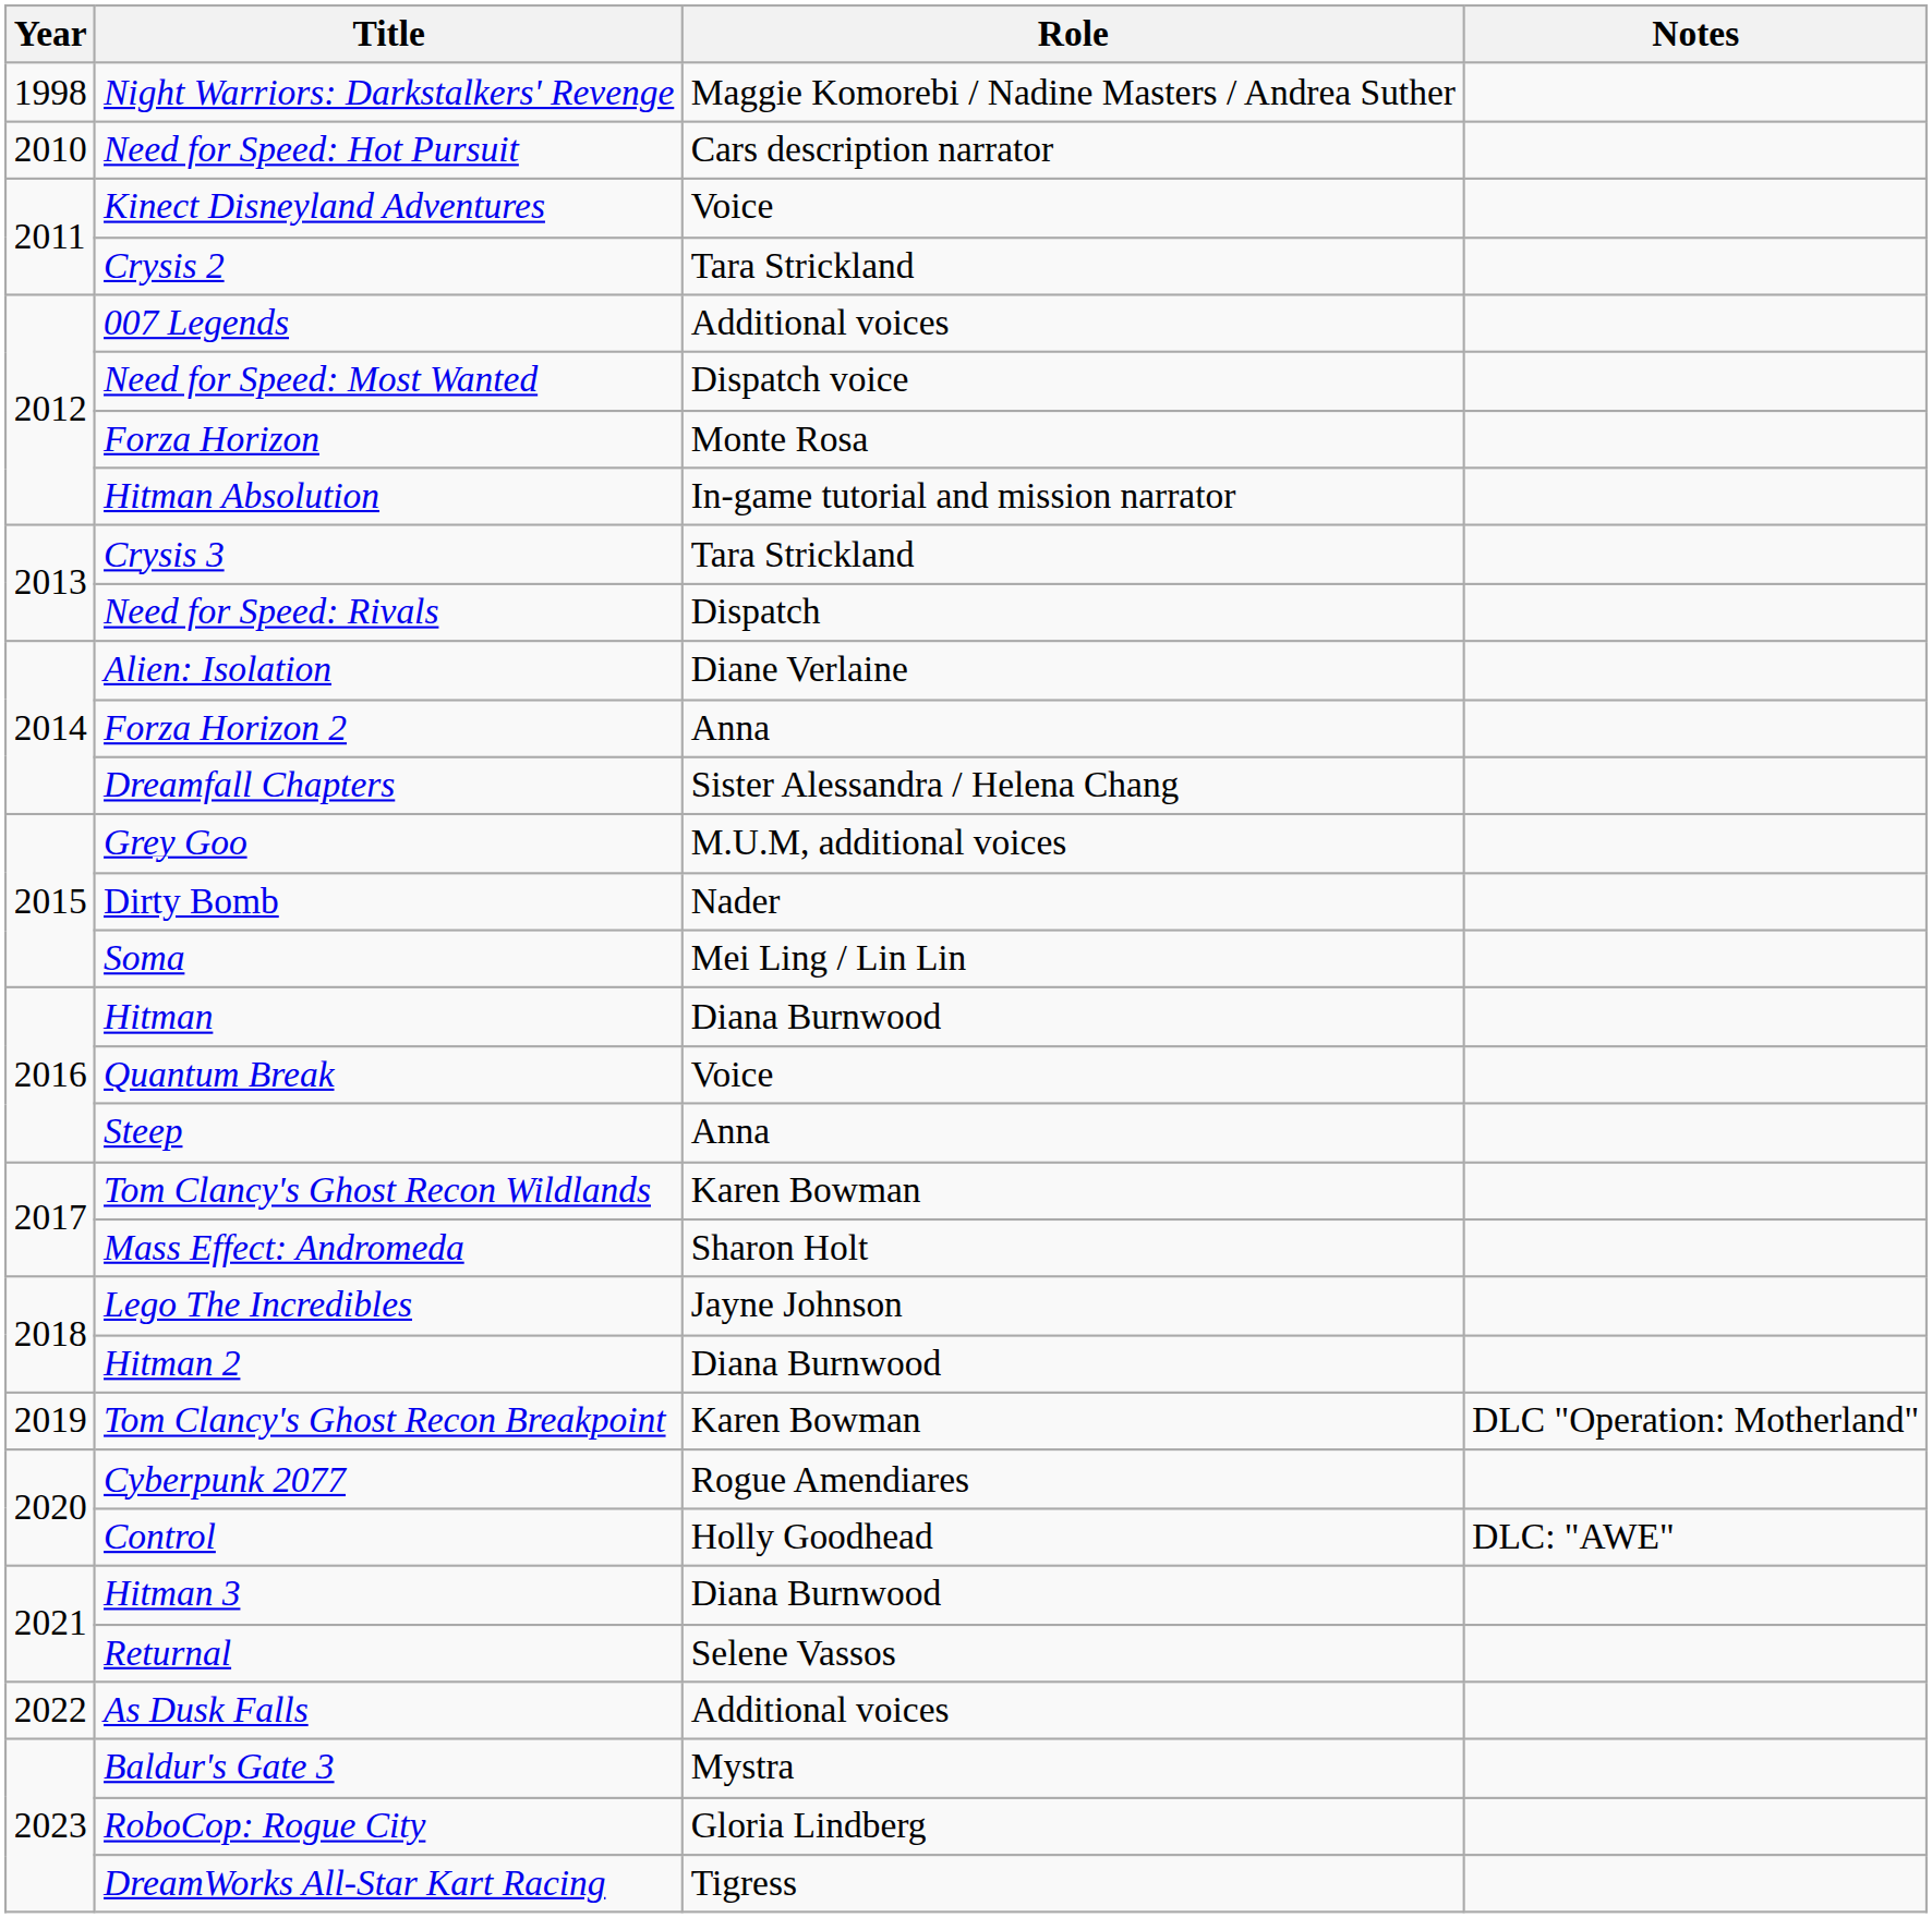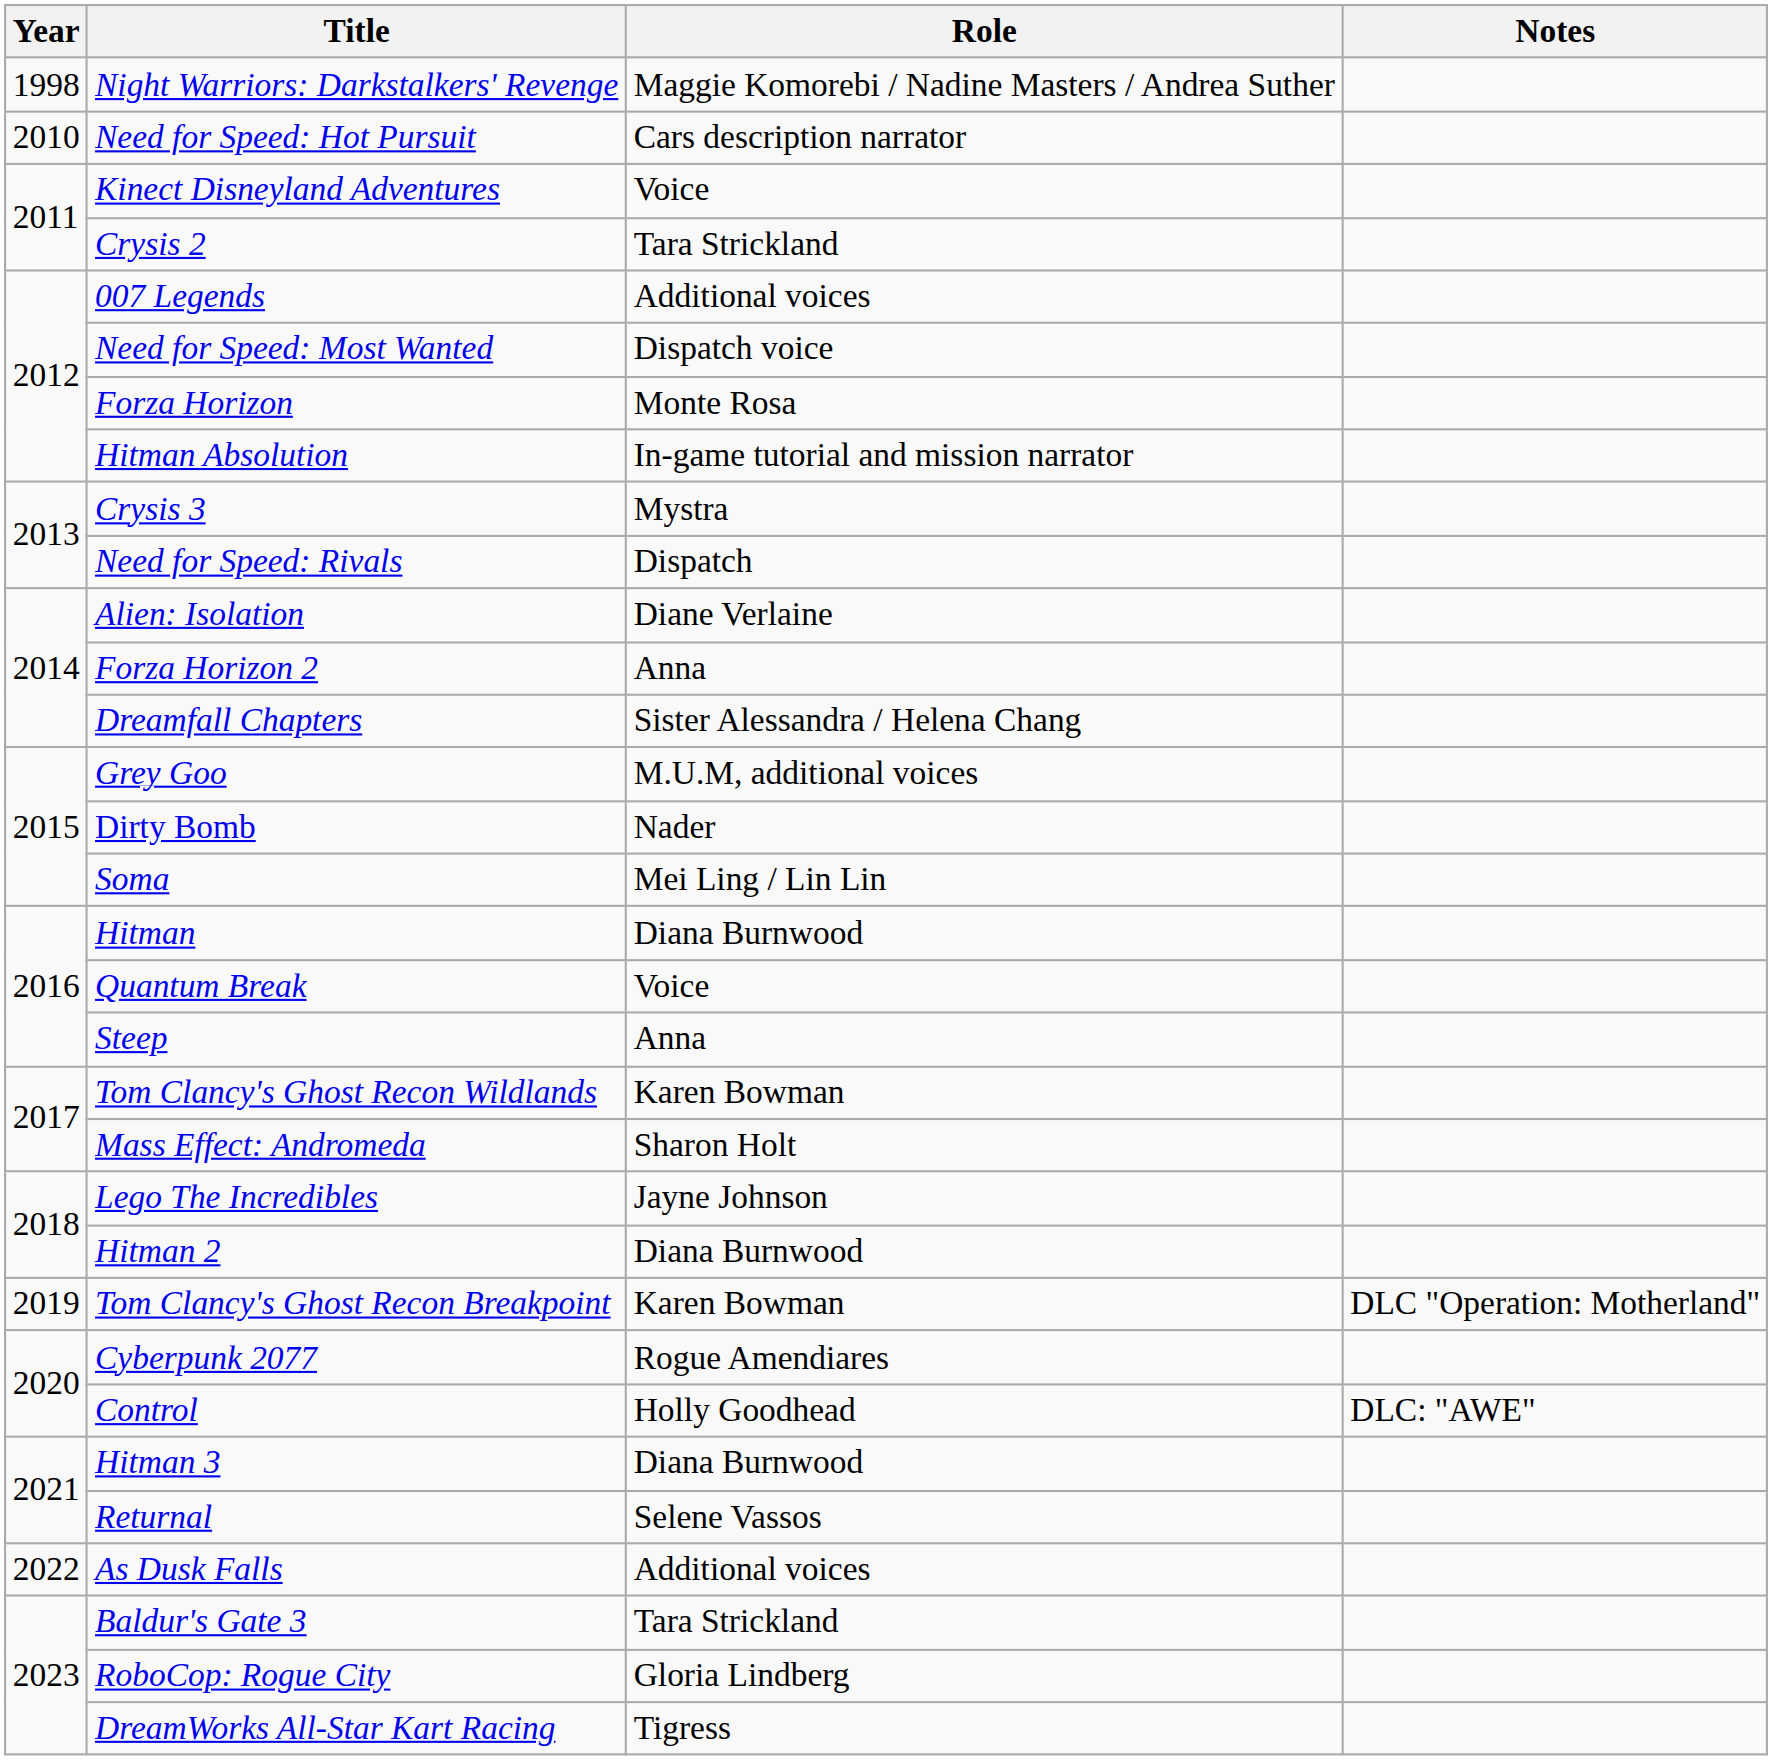 <table class="wikitable sortable">
 <tr>
 <th>Year</th>
 <th>Title</th>
 <th>Role</th>
 <th>Notes</th>
 </tr>
 <tr>
 <td>1998</td>
 <td><em><a href='#'>Night Warriors: Darkstalkers' Revenge</a></em></td>
 <td>Maggie Komorebi / Nadine Masters / Andrea Suther</td>
 <td></td>
 </tr>
 <tr>
 <td>2010</td>
 <td><em><a href='#'>Need for Speed: Hot Pursuit</a></em></td>
 <td>Cars description narrator</td>
 <td></td>
 </tr>
 <tr>
 <td rowspan=2>2011</td>
 <td><em><a href='#'>Kinect Disneyland Adventures</a></em></td>
 <td>Voice</td>
 <td></td>
 </tr>
 <tr>
 <td><em><a href='#'>Crysis 2</a></em></td>
 <td>Tara Strickland</td>
 <td></td>
 </tr>
 <tr>
 <td rowspan=4>2012</td>
 <td><em><a href='#'>007 Legends</a></em></td>
 <td>Additional voices</td>
 <td></td>
 </tr>
 <tr>
 <td><em><a href='#'>Need for Speed: Most Wanted</a></em></td>
 <td>Dispatch voice</td>
 <td></td>
 </tr>
 <tr>
 <td><em><a href='#'>Forza Horizon</a></em></td>
 <td>Monte Rosa</td>
 <td></td>
 </tr>
 <tr>
 <td><em><a href='#'>Hitman Absolution</a></em></td>
 <td>In-game tutorial and mission narrator</td>
 <td></td>
 </tr>
 <tr>
 <td rowspan=2>2013</td>
 <td><em><a href='#'>Crysis 3</a></em></td>
-<td>Tara Strickland</td>
+<td>Mystra</td>
 <td></td>
 </tr>
 <tr>
 <td><em><a href='#'>Need for Speed: Rivals</a></em></td>
 <td>Dispatch</td>
 <td></td>
 </tr>
 <tr>
 <td rowspan=3>2014</td>
 <td><em><a href='#'>Alien: Isolation</a></em></td>
 <td>Diane Verlaine</td>
 <td></td>
 </tr>
 <tr>
 <td><em><a href='#'>Forza Horizon 2</a></em></td>
 <td>Anna</td>
 <td></td>
 </tr>
 <tr>
 <td><em><a href='#'>Dreamfall Chapters</a></em></td>
 <td>Sister Alessandra / Helena Chang</td>
 <td></td>
 </tr>
 <tr>
 <td rowspan=3>2015</td>
 <td><em><a href='#'>Grey Goo</a></em></td>
 <td>M.U.M, additional voices</td>
 <td></td>
 </tr>
 <tr>
 <td><a href='#'>Dirty Bomb</a></td>
 <td>Nader</td>
 <td></td>
 </tr>
 <tr>
 <td><em><a href='#'>Soma</a></em></td>
 <td>Mei Ling / Lin Lin</td>
 <td></td>
 </tr>
 <tr>
 <td rowspan=3>2016</td>
 <td><em><a href='#'>Hitman</a></em></td>
 <td>Diana Burnwood</td>
 <td></td>
 </tr>
 <tr>
 <td><em><a href='#'>Quantum Break</a></em></td>
 <td>Voice</td>
 <td></td>
 </tr>
 <tr>
 <td><em><a href='#'>Steep</a></em></td>
 <td>Anna</td>
 <td></td>
 </tr>
 <tr>
 <td rowspan=2>2017</td>
 <td><em><a href='#'>Tom Clancy's Ghost Recon Wildlands</a></em></td>
 <td>Karen Bowman</td>
 <td></td>
 </tr>
 <tr>
 <td><em><a href='#'>Mass Effect: Andromeda</a></em></td>
 <td>Sharon Holt</td>
 <td></td>
 </tr>
 <tr>
 <td rowspan=2>2018</td>
 <td><em><a href='#'>Lego The Incredibles</a></em></td>
 <td>Jayne Johnson</td>
 <td></td>
 </tr>
 <tr>
 <td><em><a href='#'>Hitman 2</a></em></td>
 <td>Diana Burnwood</td>
 <td></td>
 </tr>
 <tr>
 <td>2019</td>
 <td><em><a href='#'>Tom Clancy's Ghost Recon Breakpoint</a></em></td>
 <td>Karen Bowman</td>
 <td>DLC "Operation: Motherland"</td>
 </tr>
 <tr>
 <td rowspan=2>2020</td>
 <td><em><a href='#'>Cyberpunk 2077</a></em></td>
 <td>Rogue Amendiares</td>
 <td></td>
 </tr>
 <tr>
 <td><em><a href='#'>Control</a></em></td>
 <td>Holly Goodhead</td>
 <td>DLC: "AWE"</td>
 </tr>
 <tr>
 <td rowspan=2>2021</td>
 <td><em><a href='#'>Hitman 3</a></em></td>
 <td>Diana Burnwood</td>
 <td></td>
 </tr>
 <tr>
 <td><em><a href='#'>Returnal</a></em></td>
 <td>Selene Vassos</td>
 <td></td>
 </tr>
 <tr>
 <td>2022</td>
 <td><em><a href='#'>As Dusk Falls</a></em></td>
 <td>Additional voices</td>
 <td></td>
 </tr>
 <tr>
 <td rowspan=3>2023</td>
 <td><em><a href='#'>Baldur's Gate 3</a></em></td>
-<td>Mystra</td>
+<td>Tara Strickland</td>
 <td></td>
 </tr>
 <tr>
 <td><em><a href='#'>RoboCop: Rogue City</a></em></td>
 <td>Gloria Lindberg</td>
 <td></td>
 </tr>
 <tr>
 <td><em><a href='#'>DreamWorks All-Star Kart Racing</a></em></td>
 <td>Tigress</td>
 </tr>
 </table>
